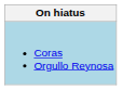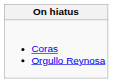 <table class="wikitable">
 <tr>
 <th>On hiatus</th>
 </tr>
 <tr>
-<td style="background: lightblue;"><br><ul><li><a href='#'>Coras</a></li><li><a href='#'>Orgullo Reynosa</a></li></ul></td>
+<td><br><ul><li><a href='#'>Coras</a></li><li><a href='#'>Orgullo Reynosa</a></li></ul></td>
 </tr>
 </table>
